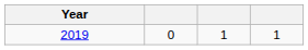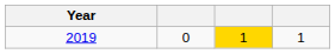 <table class="wikitable" width=30% style="font-size:100%; text-align:center;">
 <tr>
 <th>Year</th>
 <th></th>
 <th></th>
 <th></th>
 </tr>
 <tr>
 <td><a href='#'>2019</a></td>
 <td>0</td>
-<td>1</td>
+<td style="background: gold;">1</td>
 <td>1</td>
 </tr>
 </table>
